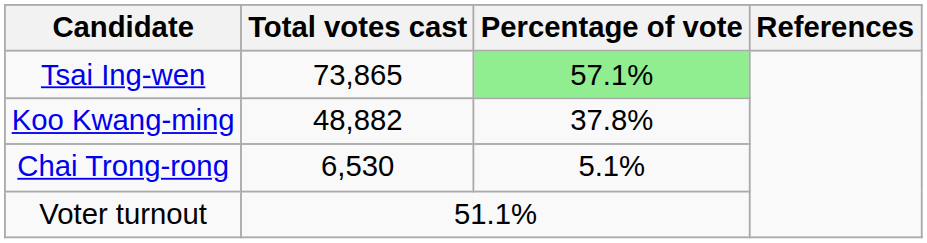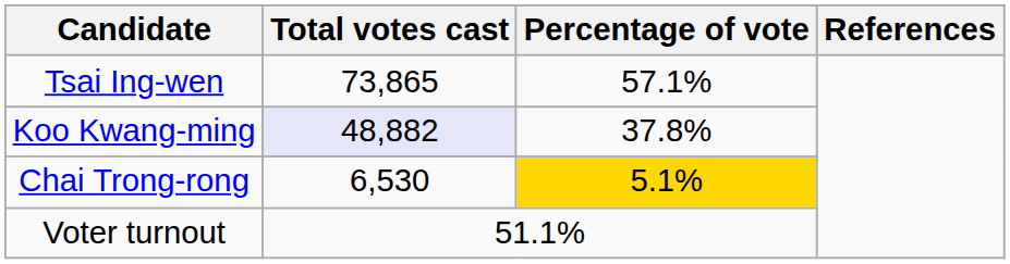 <table class="wikitable" style="text-align:center">
 <tr>
 <th>Candidate</th>
 <th>Total votes cast</th>
 <th>Percentage of vote</th>
 <th>References</th>
 </tr>
 <tr>
 <td><a href='#'>Tsai Ing-wen</a></td>
 <td>73,865</td>
-<td style="background: lightgreen;">57.1%</td>
+<td>57.1%</td>
 <td rowspan="4"></td>
 </tr>
 <tr>
 <td><a href='#'>Koo Kwang-ming</a></td>
-<td>48,882</td>
+<td style="background: lavender;">48,882</td>
 <td>37.8%</td>
 </tr>
 <tr>
 <td><a href='#'>Chai Trong-rong</a></td>
 <td>6,530</td>
-<td>5.1%</td>
+<td style="background: gold;">5.1%</td>
 </tr>
 <tr>
 <td>Voter turnout</td>
 <td colspan="2">51.1%</td>
 </tr>
 </table>
